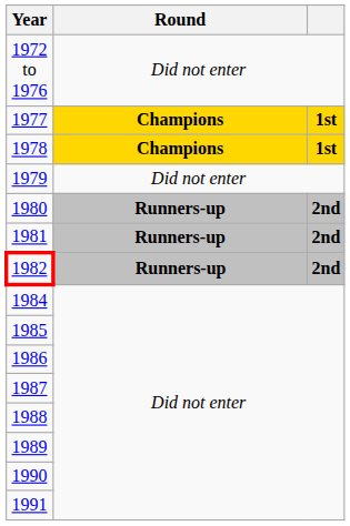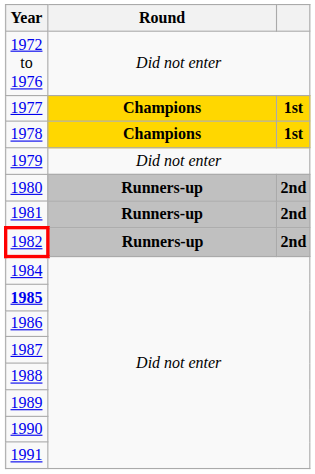 <table class="wikitable" style="text-align: center; font-size:90%">
 <tr>
 <th>Year</th>
 <th style="width:200px">Round</th>
 <th></th>
 </tr>
 <tr>
 <td><a href='#'>1972</a><br>to<br><a href='#'>1976</a></td>
 <td colspan="2"><em>Did not enter</em></td>
 </tr>
 <tr>
 <td><a href='#'>1977</a></td>
 <td bgcolor=Gold><strong>Champions</strong></td>
 <td bgcolor=Gold><strong>1st</strong></td>
 </tr>
 <tr>
 <td><a href='#'>1978</a></td>
 <td bgcolor=Gold><strong>Champions</strong></td>
 <td bgcolor=Gold><strong>1st</strong></td>
 </tr>
 <tr>
 <td><a href='#'>1979</a></td>
 <td colspan="2"><em>Did not enter</em></td>
 </tr>
 <tr>
 <td><a href='#'>1980</a></td>
 <td bgcolor=Silver><strong>Runners-up</strong></td>
 <td bgcolor=Silver><strong>2nd</strong></td>
 </tr>
 <tr>
 <td><a href='#'>1981</a></td>
 <td bgcolor=Silver><strong>Runners-up</strong></td>
 <td bgcolor=Silver><strong>2nd</strong></td>
 </tr>
 <tr>
 <td style="border: 3px solid red"><a href='#'>1982</a></td>
 <td bgcolor=Silver><strong>Runners-up</strong></td>
 <td bgcolor=Silver><strong>2nd</strong></td>
 </tr>
 <tr>
 <td><a href='#'>1984</a></td>
 <td colspan="2" rowspan="8"><em>Did not enter</em></td>
 </tr>
 <tr>
-<td><a href='#'>1985</a></td>
+<td><strong><a href='#'>1985</a></strong></td>
 </tr>
 <tr>
 <td><a href='#'>1986</a></td>
 </tr>
 <tr>
 <td><a href='#'>1987</a></td>
 </tr>
 <tr>
 <td><a href='#'>1988</a></td>
 </tr>
 <tr>
 <td><a href='#'>1989</a></td>
 </tr>
 <tr>
 <td><a href='#'>1990</a></td>
 </tr>
 <tr>
 <td><a href='#'>1991</a></td>
 </tr>
 </table>
